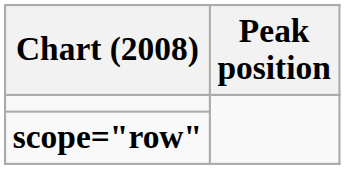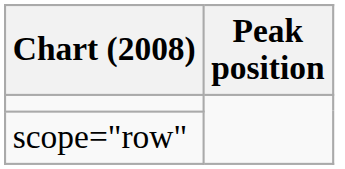 <table class="wikitable sortable">
 <tr>
 <th scope="col">Chart (2008)</th>
 <th scope="col">Peak<br>position</th>
 </tr>
 <tr>
 <td></td>
 </tr>
 <tr>
-<td><strong>scope="row" </strong></td>
+<td>scope="row" </td>
 </tr>
 </table>
